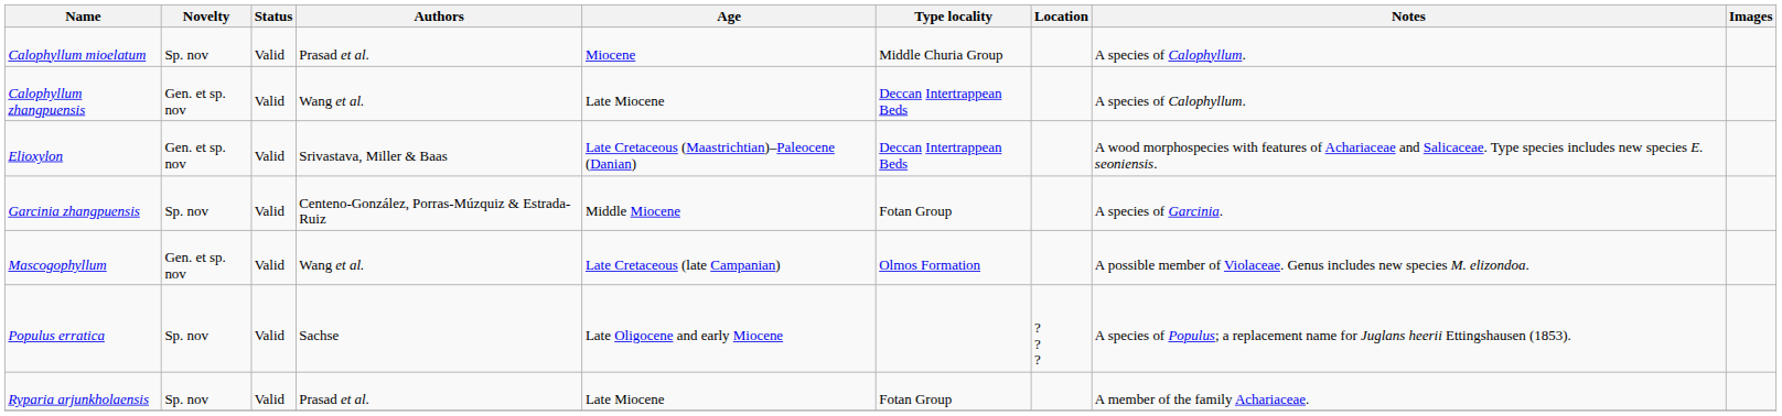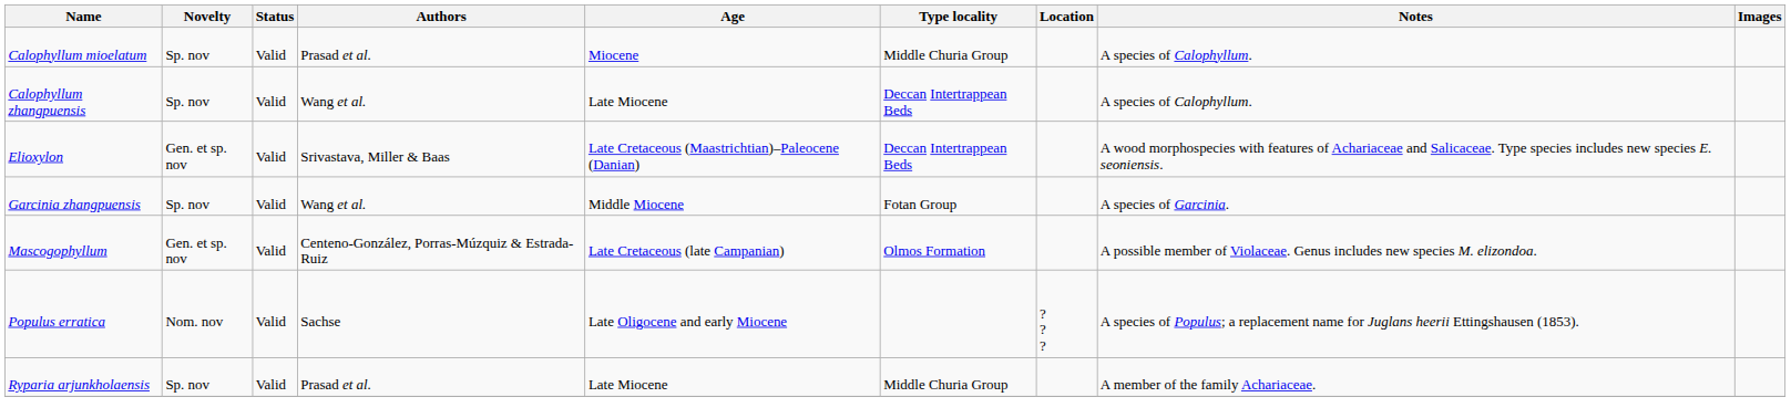 <table class="wikitable sortable" align="center" width="100%">
 <tr>
 <th>Name</th>
 <th>Novelty</th>
 <th>Status</th>
 <th>Authors</th>
 <th>Age</th>
 <th>Type locality</th>
 <th>Location</th>
 <th>Notes</th>
 <th>Images</th>
 </tr>
 <tr>
 <td><br><em><a href='#'>Calophyllum mioelatum</a></em></td>
 <td><br>Sp. nov</td>
 <td><br>Valid</td>
 <td><br>Prasad <em>et al.</em></td>
 <td><br><a href='#'>Miocene</a></td>
 <td><br>Middle Churia Group</td>
 <td><br></td>
 <td><br>A species of <em><a href='#'>Calophyllum</a></em>.</td>
 <td></td>
 </tr>
 <tr>
 <td><br><em><a href='#'>Calophyllum zhangpuensis</a></em></td>
-<td><br>Gen. et sp. nov</td>
+<td><br>Sp. nov</td>
 <td><br>Valid</td>
 <td><br>Wang <em>et al.</em></td>
 <td><br>Late Miocene</td>
 <td><br><a href='#'>Deccan</a> <a href='#'>Intertrappean Beds</a></td>
 <td><br></td>
 <td><br>A species of <em>Calophyllum</em>.</td>
 <td></td>
 </tr>
 <tr>
 <td><br><em><a href='#'>Elioxylon</a></em></td>
 <td><br>Gen. et sp. nov</td>
 <td><br>Valid</td>
 <td><br>Srivastava, Miller & Baas</td>
 <td><br><a href='#'>Late Cretaceous</a> (<a href='#'>Maastrichtian</a>)–<a href='#'>Paleocene</a> (<a href='#'>Danian</a>)</td>
 <td><br><a href='#'>Deccan</a> <a href='#'>Intertrappean Beds</a></td>
 <td><br></td>
 <td><br>A wood morphospecies with features of <a href='#'>Achariaceae</a> and <a href='#'>Salicaceae</a>. Type species includes new species <em>E. seoniensis</em>.</td>
 <td></td>
 </tr>
 <tr>
 <td><br><em><a href='#'>Garcinia zhangpuensis</a></em></td>
 <td><br>Sp. nov</td>
 <td><br>Valid</td>
-<td><br>Centeno-González, Porras-Múzquiz & Estrada-Ruiz</td>
+<td><br>Wang <em>et al.</em></td>
 <td><br>Middle <a href='#'>Miocene</a></td>
 <td><br>Fotan Group</td>
 <td><br></td>
 <td><br>A species of <em><a href='#'>Garcinia</a></em>.</td>
 <td></td>
 </tr>
 <tr>
 <td><br><em><a href='#'>Mascogophyllum</a></em></td>
 <td><br>Gen. et sp. nov</td>
 <td><br>Valid</td>
-<td><br>Wang <em>et al.</em></td>
+<td><br>Centeno-González, Porras-Múzquiz & Estrada-Ruiz</td>
 <td><br><a href='#'>Late Cretaceous</a> (late <a href='#'>Campanian</a>)</td>
 <td><br><a href='#'>Olmos Formation</a></td>
 <td><br></td>
 <td><br>A possible member of <a href='#'>Violaceae</a>. Genus includes new species <em>M. elizondoa</em>.</td>
 <td></td>
 </tr>
 <tr>
 <td><br><em><a href='#'>Populus erratica</a></em></td>
-<td><br>Sp. nov</td>
+<td><br>Nom. nov</td>
 <td><br>Valid</td>
 <td><br>Sachse</td>
 <td><br>Late <a href='#'>Oligocene</a> and early <a href='#'>Miocene</a></td>
 <td></td>
 <td><br><br> ?<br> ?<br> ?</td>
 <td><br>A species of <em><a href='#'>Populus</a></em>; a replacement name for <em>Juglans heerii</em> Ettingshausen (1853).</td>
 <td></td>
 </tr>
 <tr>
 <td><br><em><a href='#'>Ryparia arjunkholaensis</a></em></td>
 <td><br>Sp. nov</td>
 <td><br>Valid</td>
 <td><br>Prasad <em>et al.</em></td>
 <td><br>Late Miocene</td>
-<td><br>Fotan Group</td>
+<td><br>Middle Churia Group</td>
 <td><br></td>
 <td><br>A member of the family <a href='#'>Achariaceae</a>.</td>
 <td></td>
 </tr>
 <tr>
 </tr>
 </table>
